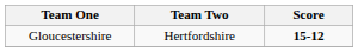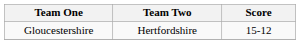 <table class="wikitable" style="text-align: center">
 <tr>
 <th width=150>Team One</th>
 <th width=150>Team Two</th>
 <th width=100>Score</th>
 </tr>
 <tr>
 <td>Gloucestershire</td>
 <td>Hertfordshire</td>
-<td><strong>15-12</strong></td>
+<td>15-12</td>
 </tr>
 <tr>
 </tr>
 </table>
